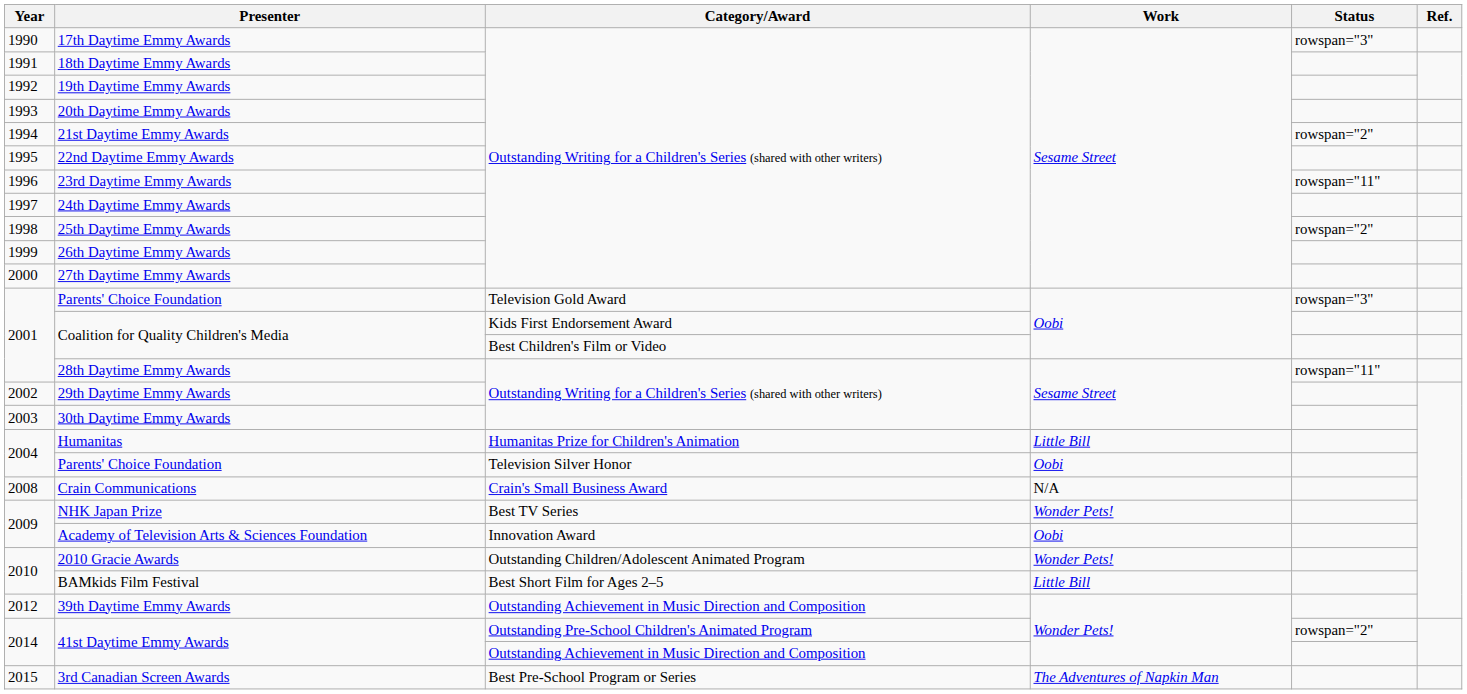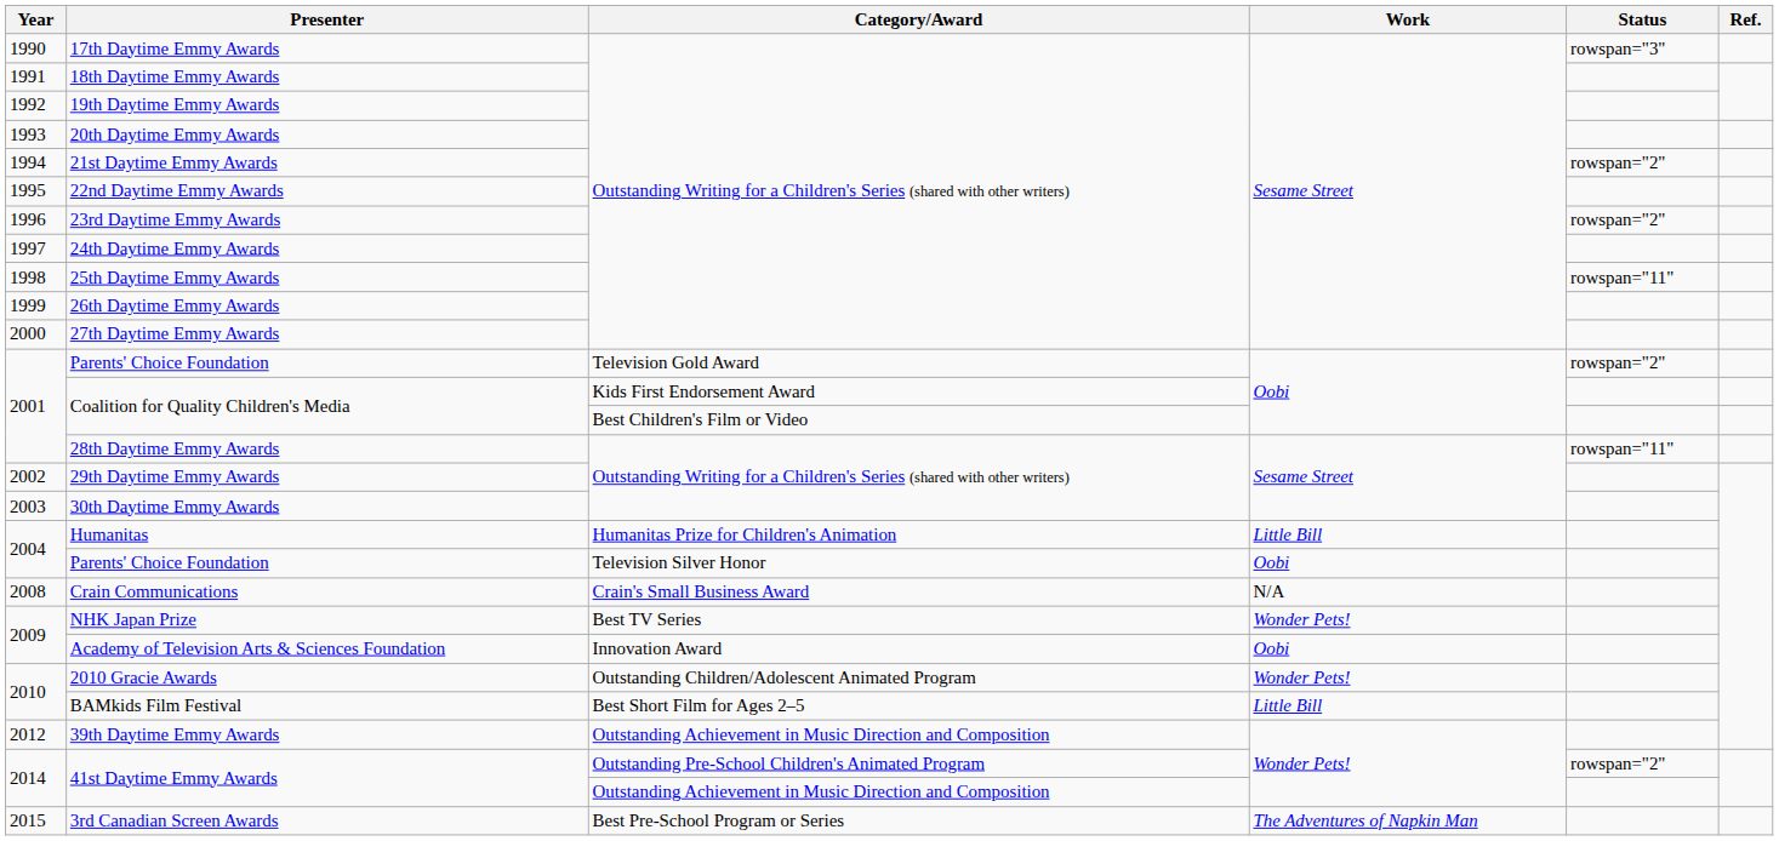 <table class="wikitable"  style="width:99%">
 <tr>
 <th>Year</th>
 <th>Presenter</th>
 <th>Category/Award</th>
 <th>Work</th>
 <th>Status</th>
 <th>Ref.</th>
 </tr>
 <tr>
 <td>1990</td>
 <td><a href='#'>17th Daytime Emmy Awards</a></td>
 <td rowspan="11"><a href='#'>Outstanding Writing for a Children's Series</a> <small>(shared with other writers)</small></td>
 <td rowspan="11"><em><a href='#'>Sesame Street</a></em></td>
 <td>rowspan="3" </td>
 <td></td>
 </tr>
 <tr>
 <td>1991</td>
 <td><a href='#'>18th Daytime Emmy Awards</a></td>
 <td></td>
 </tr>
 <tr>
 <td>1992</td>
 <td><a href='#'>19th Daytime Emmy Awards</a></td>
 <td></td>
 </tr>
 <tr>
 <td>1993</td>
 <td><a href='#'>20th Daytime Emmy Awards</a></td>
 <td></td>
 <td></td>
 </tr>
 <tr>
 <td>1994</td>
 <td><a href='#'>21st Daytime Emmy Awards</a></td>
 <td>rowspan="2" </td>
 <td></td>
 </tr>
 <tr>
 <td>1995</td>
 <td><a href='#'>22nd Daytime Emmy Awards</a></td>
 <td></td>
 </tr>
 <tr>
 <td>1996</td>
 <td><a href='#'>23rd Daytime Emmy Awards</a></td>
-<td>rowspan="11" </td>
+<td>rowspan="2" </td>
 <td></td>
 </tr>
 <tr>
 <td>1997</td>
 <td><a href='#'>24th Daytime Emmy Awards</a></td>
 <td></td>
 </tr>
 <tr>
 <td>1998</td>
 <td><a href='#'>25th Daytime Emmy Awards</a></td>
-<td>rowspan="2" </td>
+<td>rowspan="11" </td>
 <td></td>
 </tr>
 <tr>
 <td>1999</td>
 <td><a href='#'>26th Daytime Emmy Awards</a></td>
 <td></td>
 </tr>
 <tr>
 <td>2000</td>
 <td><a href='#'>27th Daytime Emmy Awards</a></td>
 <td></td>
 <td></td>
 </tr>
 <tr>
 <td rowspan="4">2001</td>
 <td><a href='#'>Parents' Choice Foundation</a></td>
 <td>Television Gold Award</td>
 <td rowspan="3"><em><a href='#'>Oobi</a></em></td>
-<td>rowspan="3" </td>
+<td>rowspan="2" </td>
 <td></td>
 </tr>
 <tr>
 <td rowspan="2">Coalition for Quality Children's Media</td>
 <td>Kids First Endorsement Award</td>
 <td></td>
 </tr>
 <tr>
 <td>Best Children's Film or Video</td>
 <td></td>
 <td></td>
 </tr>
 <tr>
 <td><a href='#'>28th Daytime Emmy Awards</a></td>
 <td rowspan="3"><a href='#'>Outstanding Writing for a Children's Series</a> <small>(shared with other writers)</small></td>
 <td rowspan="3"><em><a href='#'>Sesame Street</a></em></td>
 <td>rowspan="11" </td>
 <td></td>
 </tr>
 <tr>
 <td>2002</td>
 <td><a href='#'>29th Daytime Emmy Awards</a></td>
 <td></td>
 </tr>
 <tr>
 <td>2003</td>
 <td><a href='#'>30th Daytime Emmy Awards</a></td>
 <td></td>
 </tr>
 <tr>
 <td rowspan="2">2004</td>
 <td><a href='#'>Humanitas</a></td>
 <td><a href='#'>Humanitas Prize for Children's Animation</a></td>
 <td><em><a href='#'>Little Bill</a></em></td>
 <td></td>
 </tr>
 <tr>
 <td><a href='#'>Parents' Choice Foundation</a></td>
 <td>Television Silver Honor</td>
 <td><em><a href='#'>Oobi</a></em></td>
 <td></td>
 </tr>
 <tr>
 <td>2008</td>
 <td><a href='#'>Crain Communications</a></td>
 <td><a href='#'>Crain's Small Business Award</a></td>
 <td>N/A</td>
 <td></td>
 </tr>
 <tr>
 <td rowspan="2">2009</td>
 <td><a href='#'>NHK Japan Prize</a></td>
 <td>Best TV Series</td>
 <td><em><a href='#'>Wonder Pets!</a></em></td>
 <td></td>
 </tr>
 <tr>
 <td><a href='#'>Academy of Television Arts & Sciences Foundation</a></td>
 <td>Innovation Award</td>
 <td><em><a href='#'>Oobi</a></em></td>
 <td></td>
 </tr>
 <tr>
 <td rowspan="2">2010</td>
 <td><a href='#'>2010 Gracie Awards</a></td>
 <td>Outstanding Children/Adolescent Animated Program</td>
 <td><em><a href='#'>Wonder Pets!</a></em></td>
 <td></td>
 </tr>
 <tr>
 <td>BAMkids Film Festival</td>
 <td>Best Short Film for Ages 2–5</td>
 <td><em><a href='#'>Little Bill</a></em></td>
 <td></td>
 </tr>
 <tr>
 <td>2012</td>
 <td><a href='#'>39th Daytime Emmy Awards</a></td>
 <td><a href='#'>Outstanding Achievement in Music Direction and Composition</a></td>
 <td rowspan="3"><em><a href='#'>Wonder Pets!</a></em></td>
 <td></td>
 </tr>
 <tr>
 <td rowspan="2">2014</td>
 <td rowspan="2"><a href='#'>41st Daytime Emmy Awards</a></td>
 <td><a href='#'>Outstanding Pre-School Children's Animated Program</a></td>
 <td>rowspan="2" </td>
 <td rowspan="2"></td>
 </tr>
 <tr>
 <td><a href='#'>Outstanding Achievement in Music Direction and Composition</a></td>
 </tr>
 <tr>
 <td>2015</td>
 <td><a href='#'>3rd Canadian Screen Awards</a></td>
 <td>Best Pre-School Program or Series</td>
 <td><em><a href='#'>The Adventures of Napkin Man</a></em></td>
 <td></td>
 <td></td>
 </tr>
 </table>
